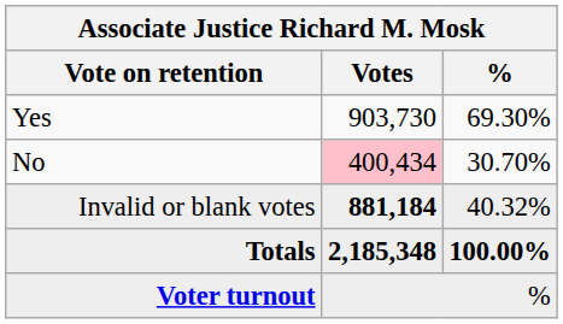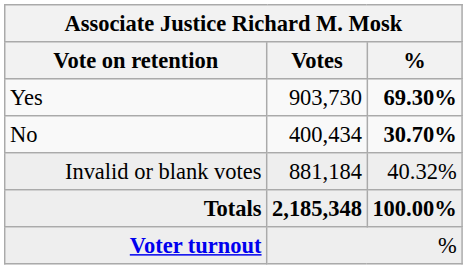 <table class="wikitable" style="font-size: 95%;">
 <tr style="background-color:#E9E9E9">
 <th colspan=7>Associate Justice Richard M. Mosk</th>
 </tr>
 <tr style="background-color:#E9E9E9">
 <th style="width: 170px">Vote on retention</th>
 <th style="width: 50px">Votes</th>
 <th style="width: 40px">%</th>
 </tr>
 <tr>
 <td>Yes</td>
 <td align="right">903,730</td>
-<td align="right">69.30%</td>
+<td align="right"><strong>69.30%</strong></td>
 </tr>
 <tr>
 <td>No</td>
-<td align="right" style="background: pink;">400,434</td>
-<td align="right">30.70%</td>
+<td align="right">400,434</td>
+<td align="right"><strong>30.70%</strong></td>
 </tr>
 <tr bgcolor="#EEEEEE">
 <td align="right">Invalid or blank votes</td>
-<td align="right"><strong>881,184</strong></td>
+<td align="right">881,184</td>
 <td align="right">40.32%</td>
 </tr>
 <tr bgcolor="#EEEEEE">
 <td align="right"><strong>Totals</strong></td>
 <td align="right"><strong>2,185,348</strong></td>
 <td align="right"><strong>100.00%</strong></td>
 </tr>
 <tr bgcolor="#EEEEEE">
 <td align="right"><strong><a href='#'>Voter turnout</a></strong></td>
 <td colspan="2" align="right">%</td>
 </tr>
 </table>
